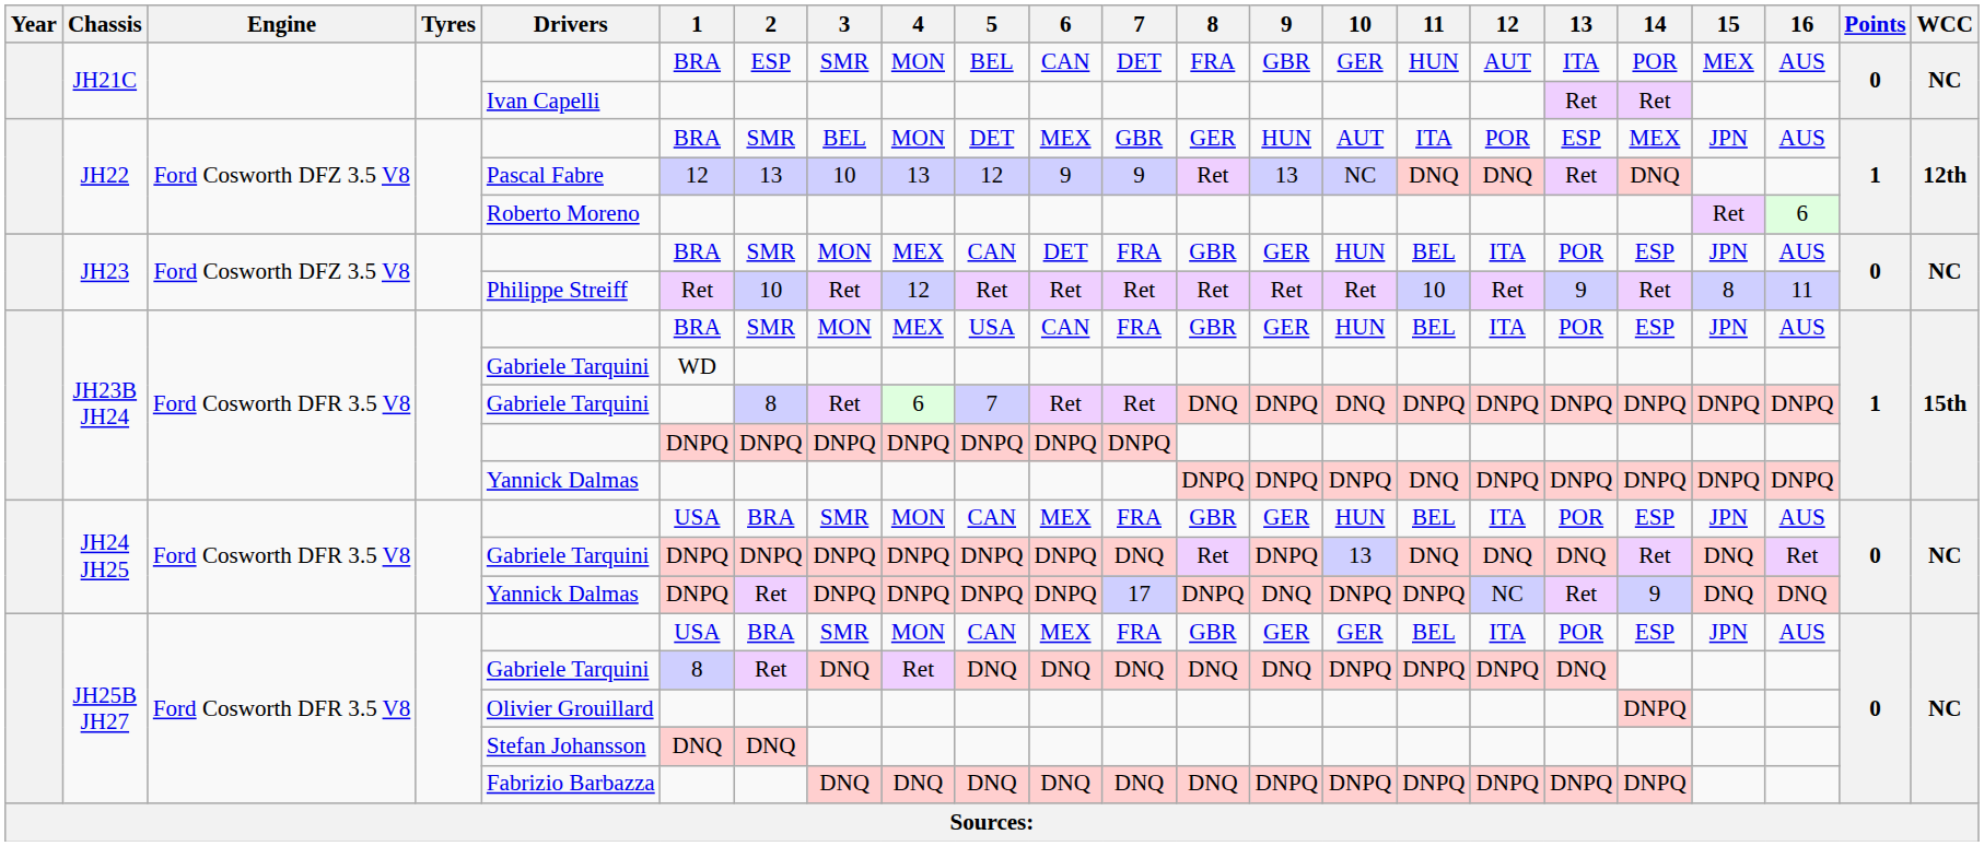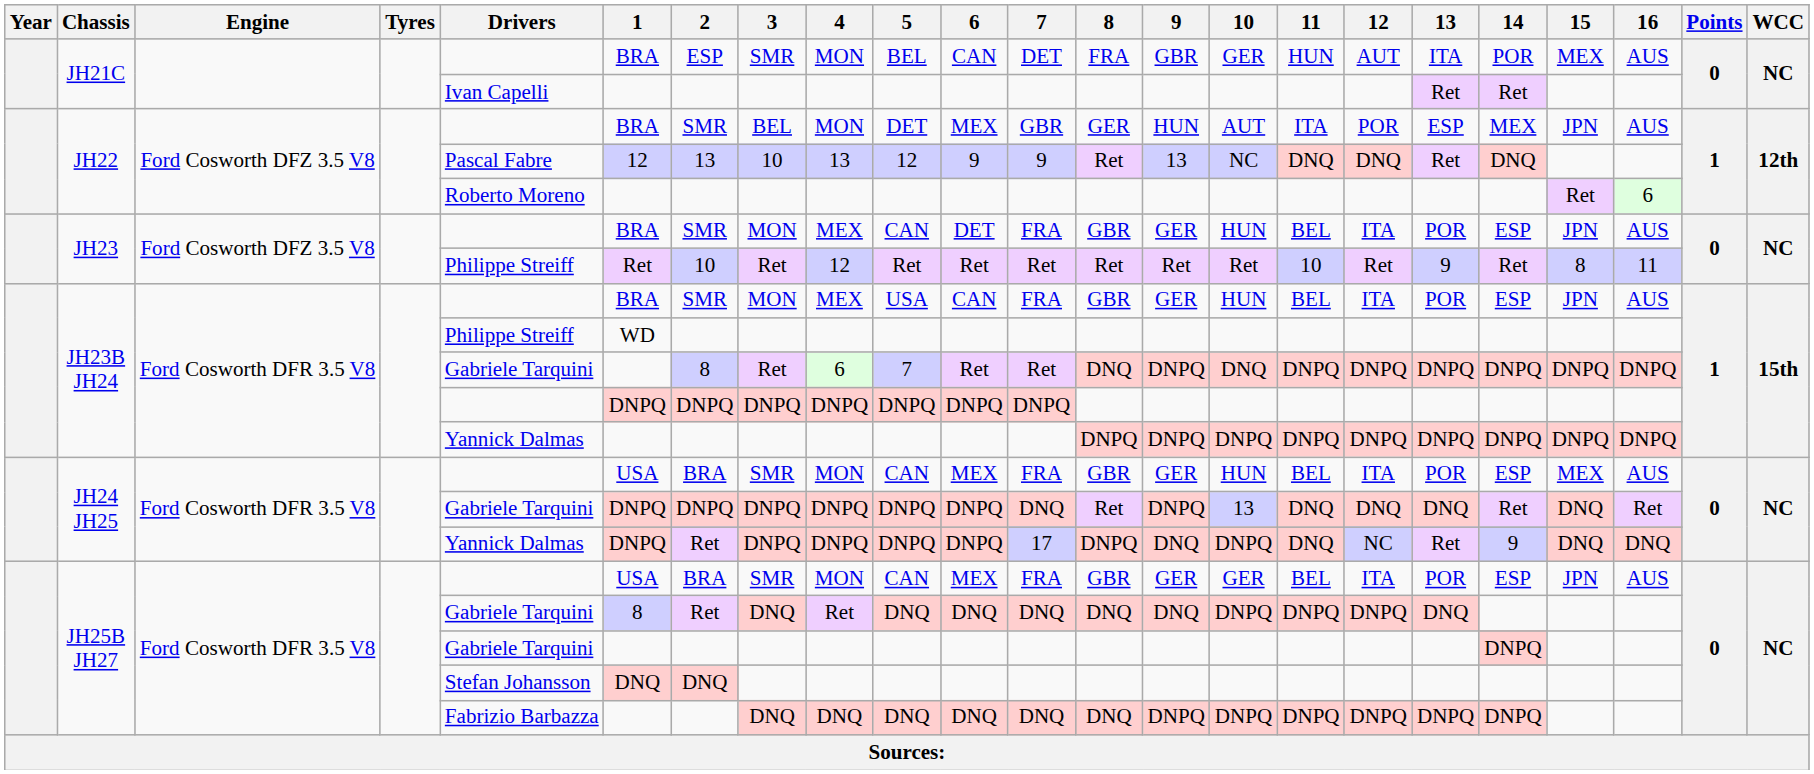 <table class="wikitable" style="text-align:center; font-size:85%">
 <tr>
 <th>Year</th>
 <th>Chassis</th>
 <th>Engine</th>
 <th>Tyres</th>
 <th>Drivers</th>
 <th>1</th>
 <th>2</th>
 <th>3</th>
 <th>4</th>
 <th>5</th>
 <th>6</th>
 <th>7</th>
 <th>8</th>
 <th>9</th>
 <th>10</th>
 <th>11</th>
 <th>12</th>
 <th>13</th>
 <th>14</th>
 <th>15</th>
 <th>16</th>
 <th><a href='#'>Points</a></th>
 <th>WCC</th>
 </tr>
 <tr>
 <th rowspan="2"></th>
 <td rowspan="2"><a href='#'>JH21C</a></td>
 <td rowspan="2"></td>
 <td rowspan="2"></td>
 <td></td>
 <td><a href='#'>BRA</a></td>
 <td><a href='#'>ESP</a></td>
 <td><a href='#'>SMR</a></td>
 <td><a href='#'>MON</a></td>
 <td><a href='#'>BEL</a></td>
 <td><a href='#'>CAN</a></td>
 <td><a href='#'>DET</a></td>
 <td><a href='#'>FRA</a></td>
 <td><a href='#'>GBR</a></td>
 <td><a href='#'>GER</a></td>
 <td><a href='#'>HUN</a></td>
 <td><a href='#'>AUT</a></td>
 <td><a href='#'>ITA</a></td>
 <td><a href='#'>POR</a></td>
 <td><a href='#'>MEX</a></td>
 <td><a href='#'>AUS</a></td>
 <th rowspan="2">0</th>
 <th rowspan="2">NC</th>
 </tr>
 <tr>
 <td align="left"> <a href='#'>Ivan Capelli</a></td>
 <td></td>
 <td></td>
 <td></td>
 <td></td>
 <td></td>
 <td></td>
 <td></td>
 <td></td>
 <td></td>
 <td></td>
 <td></td>
 <td></td>
 <td style="background:#efcfff;">Ret</td>
 <td style="background:#efcfff;">Ret</td>
 <td></td>
 <td></td>
 </tr>
 <tr>
 <th rowspan="3"></th>
 <td rowspan="3"><a href='#'>JH22</a></td>
 <td rowspan="3"><a href='#'>Ford</a> Cosworth DFZ 3.5 <a href='#'>V8</a></td>
 <td rowspan="3"></td>
 <td></td>
 <td><a href='#'>BRA</a></td>
 <td><a href='#'>SMR</a></td>
 <td><a href='#'>BEL</a></td>
 <td><a href='#'>MON</a></td>
 <td><a href='#'>DET</a></td>
 <td><a href='#'>MEX</a></td>
 <td><a href='#'>GBR</a></td>
 <td><a href='#'>GER</a></td>
 <td><a href='#'>HUN</a></td>
 <td><a href='#'>AUT</a></td>
 <td><a href='#'>ITA</a></td>
 <td><a href='#'>POR</a></td>
 <td><a href='#'>ESP</a></td>
 <td><a href='#'>MEX</a></td>
 <td><a href='#'>JPN</a></td>
 <td><a href='#'>AUS</a></td>
 <th rowspan="3">1</th>
 <th rowspan="3">12th</th>
 </tr>
 <tr>
 <td align="left"> <a href='#'>Pascal Fabre</a></td>
 <td style="background:#cfcfff;">12</td>
 <td style="background:#cfcfff;">13</td>
 <td style="background:#cfcfff;">10</td>
 <td style="background:#cfcfff;">13</td>
 <td style="background:#cfcfff;">12</td>
 <td style="background:#cfcfff;">9</td>
 <td style="background:#cfcfff;">9</td>
 <td style="background:#efcfff;">Ret</td>
 <td style="background:#cfcfff;">13</td>
 <td style="background:#cfcfff;">NC</td>
 <td style="background:#ffcfcf;">DNQ</td>
 <td style="background:#ffcfcf;">DNQ</td>
 <td style="background:#efcfff;">Ret</td>
 <td style="background:#ffcfcf;">DNQ</td>
 <td></td>
 <td></td>
 </tr>
 <tr>
 <td align="left"> <a href='#'>Roberto Moreno</a></td>
 <td></td>
 <td></td>
 <td></td>
 <td></td>
 <td></td>
 <td></td>
 <td></td>
 <td></td>
 <td></td>
 <td></td>
 <td></td>
 <td></td>
 <td></td>
 <td></td>
 <td style="background:#efcfff;">Ret</td>
 <td style="background:#dfffdf;">6</td>
 </tr>
 <tr>
 <th rowspan="2"></th>
 <td rowspan="2"><a href='#'>JH23</a></td>
 <td rowspan="2"><a href='#'>Ford</a> Cosworth DFZ 3.5 <a href='#'>V8</a></td>
 <td rowspan="2"></td>
 <td></td>
 <td><a href='#'>BRA</a></td>
 <td><a href='#'>SMR</a></td>
 <td><a href='#'>MON</a></td>
 <td><a href='#'>MEX</a></td>
 <td><a href='#'>CAN</a></td>
 <td><a href='#'>DET</a></td>
 <td><a href='#'>FRA</a></td>
 <td><a href='#'>GBR</a></td>
 <td><a href='#'>GER</a></td>
 <td><a href='#'>HUN</a></td>
 <td><a href='#'>BEL</a></td>
 <td><a href='#'>ITA</a></td>
 <td><a href='#'>POR</a></td>
 <td><a href='#'>ESP</a></td>
 <td><a href='#'>JPN</a></td>
 <td><a href='#'>AUS</a></td>
 <th rowspan="2">0</th>
 <th rowspan="2">NC</th>
 </tr>
 <tr>
 <td align="left"> <a href='#'>Philippe Streiff</a></td>
 <td style="background:#efcfff;">Ret</td>
 <td style="background:#cfcfff;">10</td>
 <td style="background:#efcfff;">Ret</td>
 <td style="background:#cfcfff;">12</td>
 <td style="background:#efcfff;">Ret</td>
 <td style="background:#efcfff;">Ret</td>
 <td style="background:#efcfff;">Ret</td>
 <td style="background:#efcfff;">Ret</td>
 <td style="background:#efcfff;">Ret</td>
 <td style="background:#efcfff;">Ret</td>
 <td style="background:#cfcfff;">10</td>
 <td style="background:#efcfff;">Ret</td>
 <td style="background:#cfcfff;">9</td>
 <td style="background:#efcfff;">Ret</td>
 <td style="background:#cfcfff;">8</td>
 <td style="background:#cfcfff;">11</td>
 </tr>
 <tr>
 <th rowspan="5"></th>
 <td rowspan="5"><a href='#'>JH23B</a><br><a href='#'>JH24</a></td>
 <td rowspan="5"><a href='#'>Ford</a> Cosworth DFR 3.5 <a href='#'>V8</a></td>
 <td rowspan="5"></td>
 <td></td>
 <td><a href='#'>BRA</a></td>
 <td><a href='#'>SMR</a></td>
 <td><a href='#'>MON</a></td>
 <td><a href='#'>MEX</a></td>
 <td><a href='#'>USA</a></td>
 <td><a href='#'>CAN</a></td>
 <td><a href='#'>FRA</a></td>
 <td><a href='#'>GBR</a></td>
 <td><a href='#'>GER</a></td>
 <td><a href='#'>HUN</a></td>
 <td><a href='#'>BEL</a></td>
 <td><a href='#'>ITA</a></td>
 <td><a href='#'>POR</a></td>
 <td><a href='#'>ESP</a></td>
 <td><a href='#'>JPN</a></td>
 <td><a href='#'>AUS</a></td>
 <th rowspan="5">1</th>
 <th rowspan="5">15th</th>
 </tr>
 <tr>
-<td align="left"> <a href='#'>Gabriele Tarquini</a></td>
+<td align="left"> <a href='#'>Philippe Streiff</a></td>
 <td>WD</td>
 <td></td>
 <td></td>
 <td></td>
 <td></td>
 <td></td>
 <td></td>
 <td></td>
 <td></td>
 <td></td>
 <td></td>
 <td></td>
 <td></td>
 <td></td>
 <td></td>
 <td></td>
 </tr>
 <tr>
 <td align="left"> <a href='#'>Gabriele Tarquini</a></td>
 <td></td>
 <td style="background:#cfcfff;">8</td>
 <td style="background:#efcfff;">Ret</td>
 <td style="background:#dfffdf;">6</td>
 <td style="background:#cfcfff;">7</td>
 <td style="background:#efcfff;">Ret</td>
 <td style="background:#efcfff;">Ret</td>
 <td style="background:#ffcfcf;">DNQ</td>
 <td style="background:#ffcfcf;">DNPQ</td>
 <td style="background:#ffcfcf;">DNQ</td>
 <td style="background:#ffcfcf;">DNPQ</td>
 <td style="background:#ffcfcf;">DNPQ</td>
 <td style="background:#ffcfcf;">DNPQ</td>
 <td style="background:#ffcfcf;">DNPQ</td>
 <td style="background:#ffcfcf;">DNPQ</td>
 <td style="background:#ffcfcf;">DNPQ</td>
 </tr>
 <tr>
 <td align="left"></td>
 <td style="background:#ffcfcf;">DNPQ</td>
 <td style="background:#ffcfcf;">DNPQ</td>
 <td style="background:#ffcfcf;">DNPQ</td>
 <td style="background:#ffcfcf;">DNPQ</td>
 <td style="background:#ffcfcf;">DNPQ</td>
 <td style="background:#ffcfcf;">DNPQ</td>
 <td style="background:#ffcfcf;">DNPQ</td>
 <td></td>
 <td></td>
 <td></td>
 <td></td>
 <td></td>
 <td></td>
 <td></td>
 <td></td>
 <td></td>
 </tr>
 <tr>
 <td align="left"> <a href='#'>Yannick Dalmas</a></td>
 <td></td>
 <td></td>
 <td></td>
 <td></td>
 <td></td>
 <td></td>
 <td></td>
 <td style="background:#ffcfcf;">DNPQ</td>
 <td style="background:#ffcfcf;">DNPQ</td>
 <td style="background:#ffcfcf;">DNPQ</td>
-<td style="background:#ffcfcf;">DNQ</td>
+<td style="background:#ffcfcf;">DNPQ</td>
 <td style="background:#ffcfcf;">DNPQ</td>
 <td style="background:#ffcfcf;">DNPQ</td>
 <td style="background:#ffcfcf;">DNPQ</td>
 <td style="background:#ffcfcf;">DNPQ</td>
 <td style="background:#ffcfcf;">DNPQ</td>
 </tr>
 <tr>
 <th rowspan="3"></th>
 <td rowspan="3"><a href='#'>JH24</a><br><a href='#'>JH25</a></td>
 <td rowspan="3"><a href='#'>Ford</a> Cosworth DFR 3.5 <a href='#'>V8</a></td>
 <td rowspan="3"></td>
 <td></td>
 <td><a href='#'>USA</a></td>
 <td><a href='#'>BRA</a></td>
 <td><a href='#'>SMR</a></td>
 <td><a href='#'>MON</a></td>
 <td><a href='#'>CAN</a></td>
 <td><a href='#'>MEX</a></td>
 <td><a href='#'>FRA</a></td>
 <td><a href='#'>GBR</a></td>
 <td><a href='#'>GER</a></td>
 <td><a href='#'>HUN</a></td>
 <td><a href='#'>BEL</a></td>
 <td><a href='#'>ITA</a></td>
 <td><a href='#'>POR</a></td>
 <td><a href='#'>ESP</a></td>
-<td><a href='#'>JPN</a></td>
+<td><a href='#'>MEX</a></td>
 <td><a href='#'>AUS</a></td>
 <th rowspan="3">0</th>
 <th rowspan="3">NC</th>
 </tr>
 <tr>
 <td align="left"> <a href='#'>Gabriele Tarquini</a></td>
 <td style="background:#ffcfcf;">DNPQ</td>
 <td style="background:#ffcfcf;">DNPQ</td>
 <td style="background:#ffcfcf;">DNPQ</td>
 <td style="background:#ffcfcf;">DNPQ</td>
 <td style="background:#ffcfcf;">DNPQ</td>
 <td style="background:#ffcfcf;">DNPQ</td>
 <td style="background:#ffcfcf;">DNQ</td>
 <td style="background:#efcfff;">Ret</td>
 <td style="background:#ffcfcf;">DNPQ</td>
 <td style="background:#cfcfff;">13</td>
 <td style="background:#ffcfcf;">DNQ</td>
 <td style="background:#ffcfcf;">DNQ</td>
 <td style="background:#ffcfcf;">DNQ</td>
 <td style="background:#efcfff;">Ret</td>
 <td style="background:#ffcfcf;">DNQ</td>
 <td style="background:#efcfff;">Ret</td>
 </tr>
 <tr>
 <td align="left"> <a href='#'>Yannick Dalmas</a></td>
 <td style="background:#ffcfcf;">DNPQ</td>
 <td style="background:#efcfff;">Ret</td>
 <td style="background:#ffcfcf;">DNPQ</td>
 <td style="background:#ffcfcf;">DNPQ</td>
 <td style="background:#ffcfcf;">DNPQ</td>
 <td style="background:#ffcfcf;">DNPQ</td>
 <td style="background:#cfcfff;">17</td>
 <td style="background:#ffcfcf;">DNPQ</td>
 <td style="background:#ffcfcf;">DNQ</td>
 <td style="background:#ffcfcf;">DNPQ</td>
-<td style="background:#ffcfcf;">DNPQ</td>
+<td style="background:#ffcfcf;">DNQ</td>
 <td style="background:#cfcfff;">NC</td>
 <td style="background:#efcfff;">Ret</td>
 <td style="background:#cfcfff;">9</td>
 <td style="background:#ffcfcf;">DNQ</td>
 <td style="background:#ffcfcf;">DNQ</td>
 </tr>
 <tr>
 <th rowspan="5"></th>
 <td rowspan="5"><a href='#'>JH25B</a><br><a href='#'>JH27</a></td>
 <td rowspan="5"><a href='#'>Ford</a> Cosworth DFR 3.5 <a href='#'>V8</a></td>
 <td rowspan="5"></td>
 <td></td>
 <td><a href='#'>USA</a></td>
 <td><a href='#'>BRA</a></td>
 <td><a href='#'>SMR</a></td>
 <td><a href='#'>MON</a></td>
 <td><a href='#'>CAN</a></td>
 <td><a href='#'>MEX</a></td>
 <td><a href='#'>FRA</a></td>
 <td><a href='#'>GBR</a></td>
 <td><a href='#'>GER</a></td>
 <td><a href='#'>GER</a></td>
 <td><a href='#'>BEL</a></td>
 <td><a href='#'>ITA</a></td>
 <td><a href='#'>POR</a></td>
 <td><a href='#'>ESP</a></td>
 <td><a href='#'>JPN</a></td>
 <td><a href='#'>AUS</a></td>
 <th rowspan="5">0</th>
 <th rowspan="5">NC</th>
 </tr>
 <tr>
 <td align="left"> <a href='#'>Gabriele Tarquini</a></td>
 <td style="background:#cfcfff;">8</td>
 <td style="background:#efcfff;">Ret</td>
 <td style="background:#ffcfcf;">DNQ</td>
 <td style="background:#efcfff;">Ret</td>
 <td style="background:#ffcfcf;">DNQ</td>
 <td style="background:#ffcfcf;">DNQ</td>
 <td style="background:#ffcfcf;">DNQ</td>
 <td style="background:#ffcfcf;">DNQ</td>
 <td style="background:#ffcfcf;">DNQ</td>
 <td style="background:#ffcfcf;">DNPQ</td>
 <td style="background:#ffcfcf;">DNPQ</td>
 <td style="background:#ffcfcf;">DNPQ</td>
 <td style="background:#ffcfcf;">DNQ</td>
 <td></td>
 <td></td>
 <td></td>
 </tr>
 <tr>
-<td align="left"> <a href='#'>Olivier Grouillard</a></td>
+<td align="left"> <a href='#'>Gabriele Tarquini</a></td>
 <td></td>
 <td></td>
 <td></td>
 <td></td>
 <td></td>
 <td></td>
 <td></td>
 <td></td>
 <td></td>
 <td></td>
 <td></td>
 <td></td>
 <td></td>
 <td style="background:#ffcfcf;">DNPQ</td>
 <td></td>
 <td></td>
 </tr>
 <tr>
 <td align="left"> <a href='#'>Stefan Johansson</a></td>
 <td style="background:#ffcfcf;">DNQ</td>
 <td style="background:#ffcfcf;">DNQ</td>
 <td></td>
 <td></td>
 <td></td>
 <td></td>
 <td></td>
 <td></td>
 <td></td>
 <td></td>
 <td></td>
 <td></td>
 <td></td>
 <td></td>
 <td></td>
 <td></td>
 </tr>
 <tr>
 <td align="left"> <a href='#'>Fabrizio Barbazza</a></td>
 <td></td>
 <td></td>
 <td style="background:#ffcfcf;">DNQ</td>
 <td style="background:#ffcfcf;">DNQ</td>
 <td style="background:#ffcfcf;">DNQ</td>
 <td style="background:#ffcfcf;">DNQ</td>
 <td style="background:#ffcfcf;">DNQ</td>
 <td style="background:#ffcfcf;">DNQ</td>
 <td style="background:#ffcfcf;">DNPQ</td>
 <td style="background:#ffcfcf;">DNPQ</td>
 <td style="background:#ffcfcf;">DNPQ</td>
 <td style="background:#ffcfcf;">DNPQ</td>
 <td style="background:#ffcfcf;">DNPQ</td>
 <td style="background:#ffcfcf;">DNPQ</td>
 <td></td>
 <td></td>
 </tr>
 <tr>
 <th colspan="23">Sources:</th>
 </tr>
 </table>
